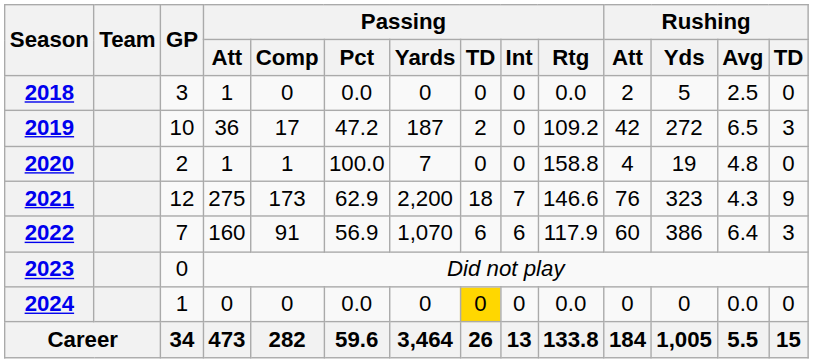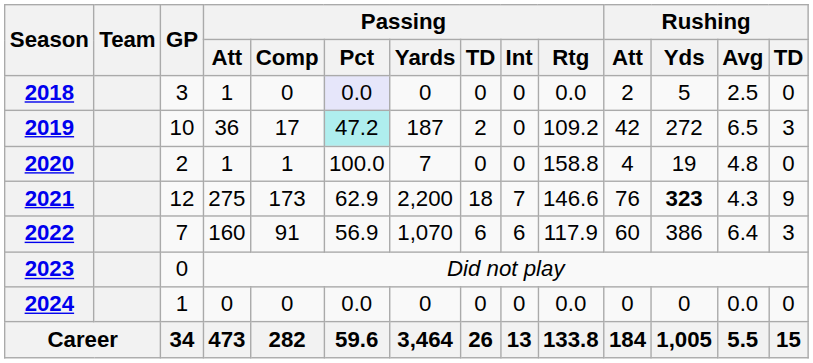 <table class="wikitable" style="text-align:center;">
 <tr>
 <th rowspan="2">Season</th>
 <th rowspan="2">Team</th>
 <th rowspan="2">GP</th>
 <th colspan="7">Passing</th>
 <th colspan="4">Rushing</th>
 </tr>
 <tr>
 <th>Att</th>
 <th>Comp</th>
 <th>Pct</th>
 <th>Yards</th>
 <th>TD</th>
 <th>Int</th>
 <th>Rtg</th>
 <th>Att</th>
 <th>Yds</th>
 <th>Avg</th>
 <th>TD</th>
 </tr>
 <tr>
 <th><a href='#'>2018</a></th>
 <th><a href='#'></a></th>
 <td>3</td>
 <td>1</td>
 <td>0</td>
-<td>0.0</td>
+<td style="background: lavender;">0.0</td>
 <td>0</td>
 <td>0</td>
 <td>0</td>
 <td>0.0</td>
 <td>2</td>
 <td>5</td>
 <td>2.5</td>
 <td>0</td>
 </tr>
 <tr>
 <th><a href='#'>2019</a></th>
 <th><a href='#'></a></th>
 <td>10</td>
 <td>36</td>
 <td>17</td>
-<td>47.2</td>
+<td style="background: paleturquoise;">47.2</td>
 <td>187</td>
 <td>2</td>
 <td>0</td>
 <td>109.2</td>
 <td>42</td>
 <td>272</td>
 <td>6.5</td>
 <td>3</td>
 </tr>
 <tr>
 <th><a href='#'>2020</a></th>
 <th><a href='#'></a></th>
 <td>2</td>
 <td>1</td>
 <td>1</td>
 <td>100.0</td>
 <td>7</td>
 <td>0</td>
 <td>0</td>
 <td>158.8</td>
 <td>4</td>
 <td>19</td>
 <td>4.8</td>
 <td>0</td>
 </tr>
 <tr>
 <th><a href='#'>2021</a></th>
 <th><a href='#'></a></th>
 <td>12</td>
 <td>275</td>
 <td>173</td>
 <td>62.9</td>
 <td>2,200</td>
 <td>18</td>
 <td>7</td>
 <td>146.6</td>
 <td>76</td>
-<td>323</td>
+<td><strong>323</strong></td>
 <td>4.3</td>
 <td>9</td>
 </tr>
 <tr>
 <th><a href='#'>2022</a></th>
 <th><a href='#'></a></th>
 <td>7</td>
 <td>160</td>
 <td>91</td>
 <td>56.9</td>
 <td>1,070</td>
 <td>6</td>
 <td>6</td>
 <td>117.9</td>
 <td>60</td>
 <td>386</td>
 <td>6.4</td>
 <td>3</td>
 </tr>
 <tr>
 <th><a href='#'>2023</a></th>
 <th><a href='#'></a></th>
 <td>0</td>
 <td colspan="11"><em>Did not play</em></td>
 </tr>
 <tr>
 <th><a href='#'>2024</a></th>
 <th><a href='#'></a></th>
 <td>1</td>
 <td>0</td>
 <td>0</td>
 <td>0.0</td>
 <td>0</td>
-<td style="background: gold;">0</td>
+<td>0</td>
 <td>0</td>
 <td>0.0</td>
 <td>0</td>
 <td>0</td>
 <td>0.0</td>
 <td>0</td>
 </tr>
 <tr>
 <th align=center colspan="2">Career</th>
 <th>34</th>
 <th>473</th>
 <th>282</th>
 <th>59.6</th>
 <th>3,464</th>
 <th>26</th>
 <th>13</th>
 <th>133.8</th>
 <th>184</th>
 <th>1,005</th>
 <th>5.5</th>
 <th>15</th>
 </tr>
 </table>
